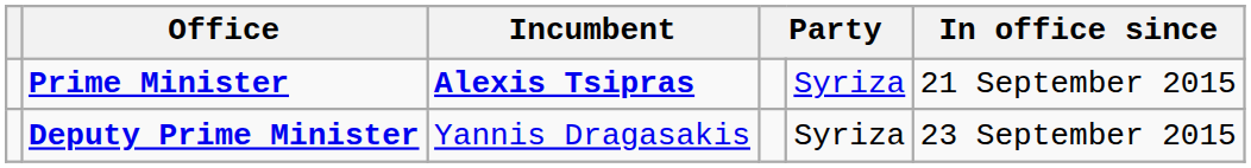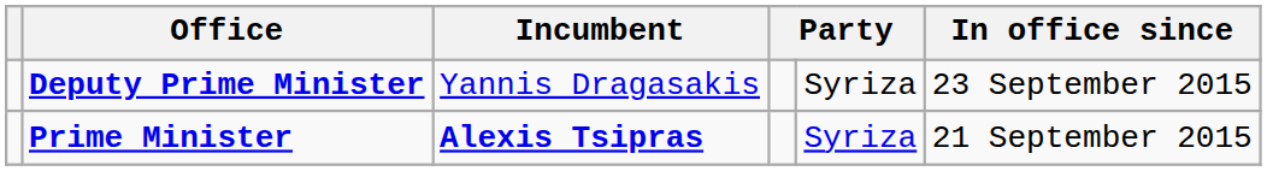 <table class="wikitable" style="font-size: 90%;">
 <tr>
 <th></th>
 <th>Office</th>
 <th>Incumbent</th>
 <th colspan="2">Party</th>
 <th>In office since</th>
 </tr>
 <tr>
 <td></td>
+<td><strong><a href='#'>Deputy Prime Minister</a></strong></td>
+<td><a href='#'>Yannis Dragasakis</a></td>
+<td width="5" style="background-color: "></td>
+<td>Syriza</td>
+<td>23 September 2015</td>
+</tr>
+<tr>
+<td></td>
 <td><strong><a href='#'>Prime Minister</a></strong></td>
 <td><strong><a href='#'>Alexis Tsipras</a></strong></td>
 <td width="5" style="background-color: "></td>
 <td><a href='#'>Syriza</a></td>
 <td>21 September 2015</td>
 </tr>
-<tr>
-<td></td>
-<td><strong><a href='#'>Deputy Prime Minister</a></strong></td>
-<td><a href='#'>Yannis Dragasakis</a></td>
-<td width="5" style="background-color: "></td>
-<td>Syriza</td>
-<td>23 September 2015</td>
-</tr>
 </table>
